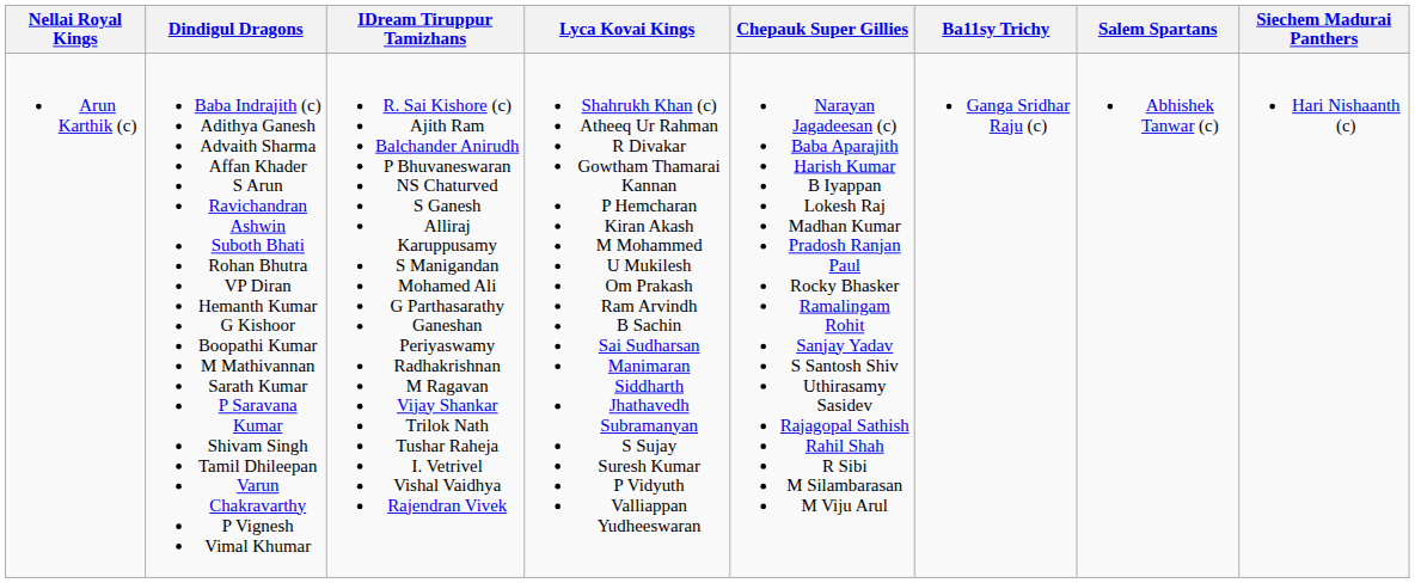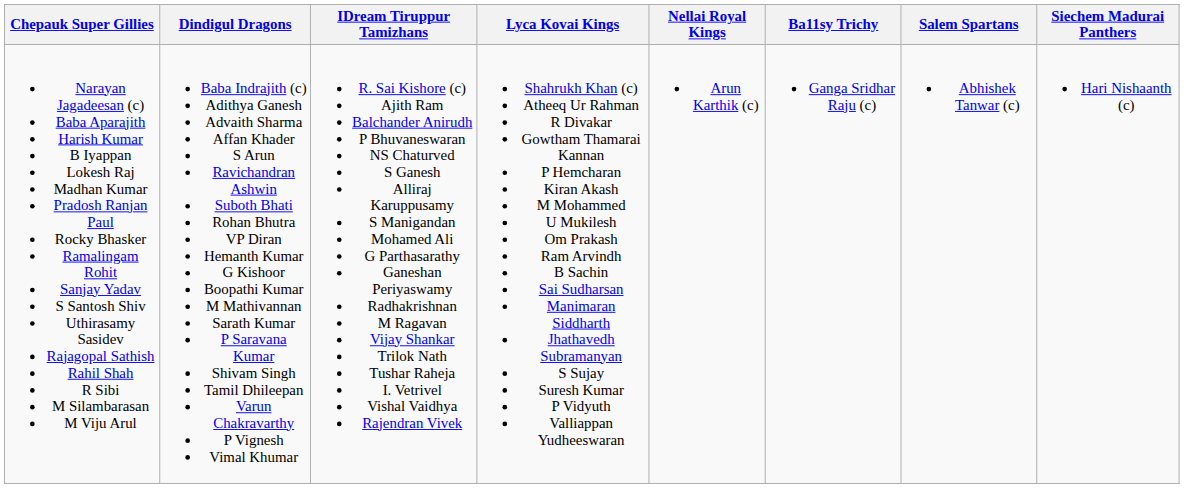 <table class="wikitable" style="text-align:center; margin:auto">
 <tr>
-<th><a href='#'>Nellai Royal Kings</a></th>
+<th><a href='#'>Chepauk Super Gillies</a></th>
 <th><a href='#'>Dindigul Dragons</a></th>
 <th><a href='#'>IDream Tiruppur Tamizhans</a></th>
 <th><a href='#'>Lyca Kovai Kings</a></th>
-<th><a href='#'>Chepauk Super Gillies</a></th>
+<th><a href='#'>Nellai Royal Kings</a></th>
 <th><a href='#'>Ba11sy Trichy</a></th>
 <th><a href='#'>Salem Spartans</a></th>
 <th><a href='#'>Siechem Madurai Panthers</a></th>
 </tr>
 <tr style="vertical-align:top">
-<td><br><ul><li><a href='#'>Arun Karthik</a> (c)</li></ul></td>
+<td><br><ul><li><a href='#'>Narayan Jagadeesan</a> (c)</li><li><a href='#'>Baba Aparajith</a></li><li><a href='#'>Harish Kumar</a></li><li>B Iyappan</li><li>Lokesh Raj</li><li>Madhan Kumar</li><li><a href='#'>Pradosh Ranjan Paul</a></li><li>Rocky Bhasker</li><li><a href='#'>Ramalingam Rohit</a></li><li><a href='#'>Sanjay Yadav</a></li><li>S Santosh Shiv</li><li>Uthirasamy Sasidev</li><li><a href='#'>Rajagopal Sathish</a></li><li><a href='#'>Rahil Shah</a></li><li>R Sibi</li><li>M Silambarasan</li><li>M Viju Arul</li></ul></td>
 <td><br><ul><li><a href='#'>Baba Indrajith</a> (c)</li><li>Adithya Ganesh</li><li>Advaith Sharma</li><li>Affan Khader</li><li>S Arun</li><li><a href='#'>Ravichandran Ashwin</a></li><li><a href='#'>Suboth Bhati</a></li><li>Rohan Bhutra</li><li>VP Diran</li><li>Hemanth Kumar</li><li>G Kishoor</li><li>Boopathi Kumar</li><li>M Mathivannan</li><li>Sarath Kumar</li><li><a href='#'>P Saravana Kumar</a></li><li>Shivam Singh</li><li>Tamil Dhileepan</li><li><a href='#'>Varun Chakravarthy</a></li><li>P Vignesh</li><li>Vimal Khumar</li></ul></td>
 <td><br><ul><li><a href='#'>R. Sai Kishore</a> (c)</li><li>Ajith Ram</li><li><a href='#'>Balchander Anirudh</a></li><li>P Bhuvaneswaran</li><li>NS Chaturved</li><li>S Ganesh</li><li>Alliraj Karuppusamy</li><li>S Manigandan</li><li>Mohamed Ali</li><li>G Parthasarathy</li><li>Ganeshan Periyaswamy</li><li>Radhakrishnan</li><li>M Ragavan</li><li><a href='#'>Vijay Shankar</a></li><li>Trilok Nath</li><li>Tushar Raheja</li><li>I. Vetrivel</li><li>Vishal Vaidhya</li><li><a href='#'>Rajendran Vivek</a></li></ul></td>
 <td><br><ul><li><a href='#'>Shahrukh Khan</a> (c)</li><li>Atheeq Ur Rahman</li><li>R Divakar</li><li>Gowtham Thamarai Kannan</li><li>P Hemcharan</li><li>Kiran Akash</li><li>M Mohammed</li><li>U Mukilesh</li><li>Om Prakash</li><li>Ram Arvindh</li><li>B Sachin</li><li><a href='#'>Sai Sudharsan</a></li><li><a href='#'>Manimaran Siddharth</a></li><li><a href='#'>Jhathavedh Subramanyan</a></li><li>S Sujay</li><li>Suresh Kumar</li><li>P Vidyuth</li><li>Valliappan Yudheeswaran</li></ul></td>
-<td><br><ul><li><a href='#'>Narayan Jagadeesan</a> (c)</li><li><a href='#'>Baba Aparajith</a></li><li><a href='#'>Harish Kumar</a></li><li>B Iyappan</li><li>Lokesh Raj</li><li>Madhan Kumar</li><li><a href='#'>Pradosh Ranjan Paul</a></li><li>Rocky Bhasker</li><li><a href='#'>Ramalingam Rohit</a></li><li><a href='#'>Sanjay Yadav</a></li><li>S Santosh Shiv</li><li>Uthirasamy Sasidev</li><li><a href='#'>Rajagopal Sathish</a></li><li><a href='#'>Rahil Shah</a></li><li>R Sibi</li><li>M Silambarasan</li><li>M Viju Arul</li></ul></td>
+<td><br><ul><li><a href='#'>Arun Karthik</a> (c)</li></ul></td>
 <td><br><ul><li><a href='#'>Ganga Sridhar Raju</a> (c)</li></ul></td>
 <td><br><ul><li><a href='#'>Abhishek Tanwar</a> (c)</li></ul></td>
 <td><br><ul><li><a href='#'>Hari Nishaanth</a> (c)</li></ul></td>
 </tr>
 </table>
